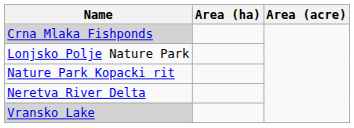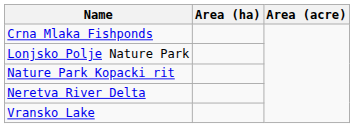 <table class="wikitable">
 <tr>
 <th scope="col" align=left>Name</th>
 <th scope="col">Area (ha)</th>
 <th scope="col">Area (acre)</th>
 </tr>
 <tr ---->
-<td style="background: lightgrey;"><a href='#'>Crna Mlaka Fishponds</a></td>
+<td><a href='#'>Crna Mlaka Fishponds</a></td>
 <td></td>
 </tr>
 <tr ---->
 <td><a href='#'>Lonjsko Polje</a> Nature Park</td>
 <td></td>
 </tr>
 <tr ---->
 <td><a href='#'>Nature Park Kopacki rit</a></td>
 <td></td>
 </tr>
 <tr ---->
 <td><a href='#'>Neretva River Delta</a></td>
 <td></td>
 </tr>
 <tr ---->
-<td style="background: lightgrey;"><a href='#'>Vransko Lake</a></td>
+<td><a href='#'>Vransko Lake</a></td>
 <td></td>
 </tr>
 </table>
